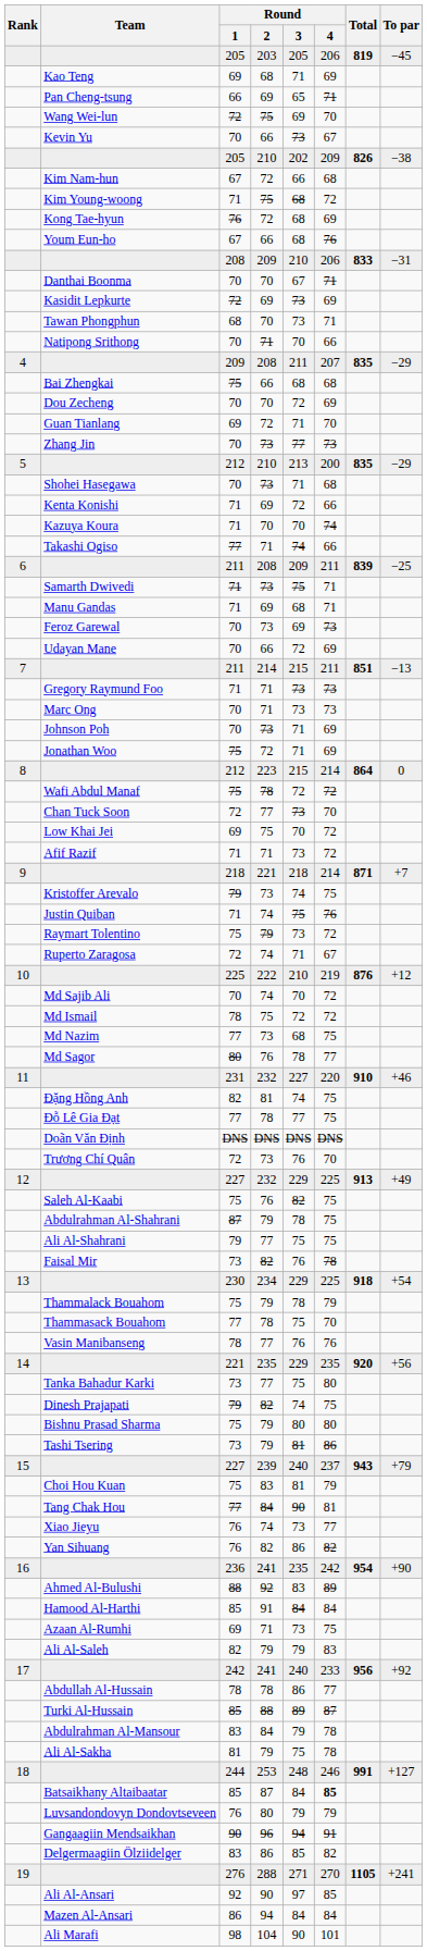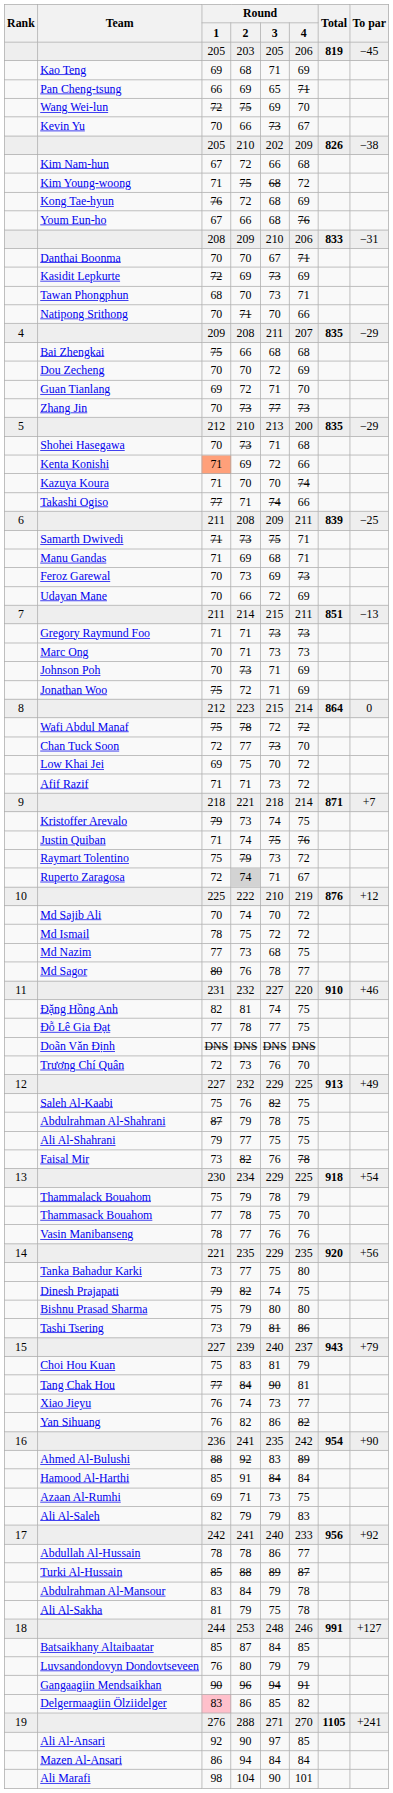 <table class=wikitable style="text-align:center">
 <tr>
 <th rowspan="2">Rank</th>
 <th rowspan="2">Team</th>
 <th colspan="4">Round</th>
 <th rowspan="2">Total</th>
 <th rowspan="2">To par</th>
 </tr>
 <tr>
 <th>1</th>
 <th>2</th>
 <th>3</th>
 <th>4</th>
 </tr>
 <tr style="background:#eeeeee;">
 <td></td>
 <td align=left></td>
 <td>205</td>
 <td>203</td>
 <td>205</td>
 <td>206</td>
 <td><strong>819</strong></td>
 <td>−45</td>
 </tr>
 <tr>
 <td></td>
 <td align=left><a href='#'>Kao Teng</a></td>
 <td>69</td>
 <td>68</td>
 <td>71</td>
 <td>69</td>
 <td></td>
 <td></td>
 </tr>
 <tr>
 <td></td>
 <td align=left><a href='#'>Pan Cheng-tsung</a></td>
 <td>66</td>
 <td>69</td>
 <td>65</td>
 <td><s>71</s></td>
 <td></td>
 <td></td>
 </tr>
 <tr>
 <td></td>
 <td align=left><a href='#'>Wang Wei-lun</a></td>
 <td><s>72</s></td>
 <td><s>75</s></td>
 <td>69</td>
 <td>70</td>
 <td></td>
 <td></td>
 </tr>
 <tr>
 <td></td>
 <td align=left><a href='#'>Kevin Yu</a></td>
 <td>70</td>
 <td>66</td>
 <td><s>73</s></td>
 <td>67</td>
 <td></td>
 <td></td>
 </tr>
 <tr style="background:#eeeeee;">
 <td></td>
 <td align=left></td>
 <td>205</td>
 <td>210</td>
 <td>202</td>
 <td>209</td>
 <td><strong>826</strong></td>
 <td>−38</td>
 </tr>
 <tr>
 <td></td>
 <td align=left><a href='#'>Kim Nam-hun</a></td>
 <td>67</td>
 <td>72</td>
 <td>66</td>
 <td>68</td>
 <td></td>
 <td></td>
 </tr>
 <tr>
 <td></td>
 <td align=left><a href='#'>Kim Young-woong</a></td>
 <td>71</td>
 <td><s>75</s></td>
 <td><s>68</s></td>
 <td>72</td>
 <td></td>
 <td></td>
 </tr>
 <tr>
 <td></td>
 <td align=left><a href='#'>Kong Tae-hyun</a></td>
 <td><s>76</s></td>
 <td>72</td>
 <td>68</td>
 <td>69</td>
 <td></td>
 <td></td>
 </tr>
 <tr>
 <td></td>
 <td align=left><a href='#'>Youm Eun-ho</a></td>
 <td>67</td>
 <td>66</td>
 <td>68</td>
 <td><s>76</s></td>
 <td></td>
 <td></td>
 </tr>
 <tr style="background:#eeeeee;">
 <td></td>
 <td align=left></td>
 <td>208</td>
 <td>209</td>
 <td>210</td>
 <td>206</td>
 <td><strong>833</strong></td>
 <td>−31</td>
 </tr>
 <tr>
 <td></td>
 <td align=left><a href='#'>Danthai Boonma</a></td>
 <td>70</td>
 <td>70</td>
 <td>67</td>
 <td><s>71</s></td>
 <td></td>
 <td></td>
 </tr>
 <tr>
 <td></td>
 <td align=left><a href='#'>Kasidit Lepkurte</a></td>
 <td><s>72</s></td>
 <td>69</td>
 <td><s>73</s></td>
 <td>69</td>
 <td></td>
 <td></td>
 </tr>
 <tr>
 <td></td>
 <td align=left><a href='#'>Tawan Phongphun</a></td>
 <td>68</td>
 <td>70</td>
 <td>73</td>
 <td>71</td>
 <td></td>
 <td></td>
 </tr>
 <tr>
 <td></td>
 <td align=left><a href='#'>Natipong Srithong</a></td>
 <td>70</td>
 <td><s>71</s></td>
 <td>70</td>
 <td>66</td>
 <td></td>
 <td></td>
 </tr>
 <tr style="background:#eeeeee;">
 <td>4</td>
 <td align=left></td>
 <td>209</td>
 <td>208</td>
 <td>211</td>
 <td>207</td>
 <td><strong>835</strong></td>
 <td>−29</td>
 </tr>
 <tr>
 <td></td>
 <td align=left><a href='#'>Bai Zhengkai</a></td>
 <td><s>75</s></td>
 <td>66</td>
 <td>68</td>
 <td>68</td>
 <td></td>
 <td></td>
 </tr>
 <tr>
 <td></td>
 <td align=left><a href='#'>Dou Zecheng</a></td>
 <td>70</td>
 <td>70</td>
 <td>72</td>
 <td>69</td>
 <td></td>
 <td></td>
 </tr>
 <tr>
 <td></td>
 <td align=left><a href='#'>Guan Tianlang</a></td>
 <td>69</td>
 <td>72</td>
 <td>71</td>
 <td>70</td>
 <td></td>
 <td></td>
 </tr>
 <tr>
 <td></td>
 <td align=left><a href='#'>Zhang Jin</a></td>
 <td>70</td>
 <td><s>73</s></td>
 <td><s>77</s></td>
 <td><s>73</s></td>
 <td></td>
 <td></td>
 </tr>
 <tr style="background:#eeeeee;">
 <td>5</td>
 <td align=left></td>
 <td>212</td>
 <td>210</td>
 <td>213</td>
 <td>200</td>
 <td><strong>835</strong></td>
 <td>−29</td>
 </tr>
 <tr>
 <td></td>
 <td align=left><a href='#'>Shohei Hasegawa</a></td>
 <td>70</td>
 <td><s>73</s></td>
 <td>71</td>
 <td>68</td>
 <td></td>
 <td></td>
 </tr>
 <tr>
 <td></td>
 <td align=left><a href='#'>Kenta Konishi</a></td>
-<td>71</td>
+<td style="background: lightsalmon;">71</td>
 <td>69</td>
 <td>72</td>
 <td>66</td>
 <td></td>
 <td></td>
 </tr>
 <tr>
 <td></td>
 <td align=left><a href='#'>Kazuya Koura</a></td>
 <td>71</td>
 <td>70</td>
 <td>70</td>
 <td><s>74</s></td>
 <td></td>
 <td></td>
 </tr>
 <tr>
 <td></td>
 <td align=left><a href='#'>Takashi Ogiso</a></td>
 <td><s>77</s></td>
 <td>71</td>
 <td><s>74</s></td>
 <td>66</td>
 <td></td>
 <td></td>
 </tr>
 <tr style="background:#eeeeee;">
 <td>6</td>
 <td align=left></td>
 <td>211</td>
 <td>208</td>
 <td>209</td>
 <td>211</td>
 <td><strong>839</strong></td>
 <td>−25</td>
 </tr>
 <tr>
 <td></td>
 <td align=left><a href='#'>Samarth Dwivedi</a></td>
 <td><s>71</s></td>
 <td><s>73</s></td>
 <td><s>75</s></td>
 <td>71</td>
 <td></td>
 <td></td>
 </tr>
 <tr>
 <td></td>
 <td align=left><a href='#'>Manu Gandas</a></td>
 <td>71</td>
 <td>69</td>
 <td>68</td>
 <td>71</td>
 <td></td>
 <td></td>
 </tr>
 <tr>
 <td></td>
 <td align=left><a href='#'>Feroz Garewal</a></td>
 <td>70</td>
 <td>73</td>
 <td>69</td>
 <td><s>73</s></td>
 <td></td>
 <td></td>
 </tr>
 <tr>
 <td></td>
 <td align=left><a href='#'>Udayan Mane</a></td>
 <td>70</td>
 <td>66</td>
 <td>72</td>
 <td>69</td>
 <td></td>
 <td></td>
 </tr>
 <tr style="background:#eeeeee;">
 <td>7</td>
 <td align=left></td>
 <td>211</td>
 <td>214</td>
 <td>215</td>
 <td>211</td>
 <td><strong>851</strong></td>
 <td>−13</td>
 </tr>
 <tr>
 <td></td>
 <td align=left><a href='#'>Gregory Raymund Foo</a></td>
 <td>71</td>
 <td>71</td>
 <td><s>73</s></td>
 <td><s>73</s></td>
 <td></td>
 <td></td>
 </tr>
 <tr>
 <td></td>
 <td align=left><a href='#'>Marc Ong</a></td>
 <td>70</td>
 <td>71</td>
 <td>73</td>
 <td>73</td>
 <td></td>
 <td></td>
 </tr>
 <tr>
 <td></td>
 <td align=left><a href='#'>Johnson Poh</a></td>
 <td>70</td>
 <td><s>73</s></td>
 <td>71</td>
 <td>69</td>
 <td></td>
 <td></td>
 </tr>
 <tr>
 <td></td>
 <td align=left><a href='#'>Jonathan Woo</a></td>
 <td><s>75</s></td>
 <td>72</td>
 <td>71</td>
 <td>69</td>
 <td></td>
 <td></td>
 </tr>
 <tr style="background:#eeeeee;">
 <td>8</td>
 <td align=left></td>
 <td>212</td>
 <td>223</td>
 <td>215</td>
 <td>214</td>
 <td><strong>864</strong></td>
 <td>0</td>
 </tr>
 <tr>
 <td></td>
 <td align=left><a href='#'>Wafi Abdul Manaf</a></td>
 <td><s>75</s></td>
 <td><s>78</s></td>
 <td>72</td>
 <td><s>72</s></td>
 <td></td>
 <td></td>
 </tr>
 <tr>
 <td></td>
 <td align=left><a href='#'>Chan Tuck Soon</a></td>
 <td>72</td>
 <td>77</td>
 <td><s>73</s></td>
 <td>70</td>
 <td></td>
 <td></td>
 </tr>
 <tr>
 <td></td>
 <td align=left><a href='#'>Low Khai Jei</a></td>
 <td>69</td>
 <td>75</td>
 <td>70</td>
 <td>72</td>
 <td></td>
 <td></td>
 </tr>
 <tr>
 <td></td>
 <td align=left><a href='#'>Afif Razif</a></td>
 <td>71</td>
 <td>71</td>
 <td>73</td>
 <td>72</td>
 <td></td>
 <td></td>
 </tr>
 <tr style="background:#eeeeee;">
 <td>9</td>
 <td align=left></td>
 <td>218</td>
 <td>221</td>
 <td>218</td>
 <td>214</td>
 <td><strong>871</strong></td>
 <td>+7</td>
 </tr>
 <tr>
 <td></td>
 <td align=left><a href='#'>Kristoffer Arevalo</a></td>
 <td><s>79</s></td>
 <td>73</td>
 <td>74</td>
 <td>75</td>
 <td></td>
 <td></td>
 </tr>
 <tr>
 <td></td>
 <td align=left><a href='#'>Justin Quiban</a></td>
 <td>71</td>
 <td>74</td>
 <td><s>75</s></td>
 <td><s>76</s></td>
 <td></td>
 <td></td>
 </tr>
 <tr>
 <td></td>
 <td align=left><a href='#'>Raymart Tolentino</a></td>
 <td>75</td>
 <td><s>79</s></td>
 <td>73</td>
 <td>72</td>
 <td></td>
 <td></td>
 </tr>
 <tr>
 <td></td>
 <td align=left><a href='#'>Ruperto Zaragosa</a></td>
 <td>72</td>
-<td>74</td>
+<td style="background: lightgrey;">74</td>
 <td>71</td>
 <td>67</td>
 <td></td>
 <td></td>
 </tr>
 <tr style="background:#eeeeee;">
 <td>10</td>
 <td align=left></td>
 <td>225</td>
 <td>222</td>
 <td>210</td>
 <td>219</td>
 <td><strong>876</strong></td>
 <td>+12</td>
 </tr>
 <tr>
 <td></td>
 <td align=left><a href='#'>Md Sajib Ali</a></td>
 <td>70</td>
 <td>74</td>
 <td>70</td>
 <td>72</td>
 <td></td>
 <td></td>
 </tr>
 <tr>
 <td></td>
 <td align=left><a href='#'>Md Ismail</a></td>
 <td>78</td>
 <td>75</td>
 <td>72</td>
 <td>72</td>
 <td></td>
 <td></td>
 </tr>
 <tr>
 <td></td>
 <td align=left><a href='#'>Md Nazim</a></td>
 <td>77</td>
 <td>73</td>
 <td>68</td>
 <td>75</td>
 <td></td>
 <td></td>
 </tr>
 <tr>
 <td></td>
 <td align=left><a href='#'>Md Sagor</a></td>
 <td><s>80</s></td>
 <td>76</td>
 <td>78</td>
 <td>77</td>
 <td></td>
 <td></td>
 </tr>
 <tr style="background:#eeeeee;">
 <td>11</td>
 <td align=left></td>
 <td>231</td>
 <td>232</td>
 <td>227</td>
 <td>220</td>
 <td><strong>910</strong></td>
 <td>+46</td>
 </tr>
 <tr>
 <td></td>
 <td align=left><a href='#'>Đặng Hồng Anh</a></td>
 <td>82</td>
 <td>81</td>
 <td>74</td>
 <td>75</td>
 <td></td>
 <td></td>
 </tr>
 <tr>
 <td></td>
 <td align=left><a href='#'>Đỗ Lê Gia Đạt</a></td>
 <td>77</td>
 <td>78</td>
 <td>77</td>
 <td>75</td>
 <td></td>
 <td></td>
 </tr>
 <tr>
 <td></td>
 <td align=left><a href='#'>Doãn Văn Định</a></td>
 <td><s>DNS</s></td>
 <td><s>DNS</s></td>
 <td><s>DNS</s></td>
 <td><s>DNS</s></td>
 <td></td>
 <td></td>
 </tr>
 <tr>
 <td></td>
 <td align=left><a href='#'>Trương Chí Quân</a></td>
 <td>72</td>
 <td>73</td>
 <td>76</td>
 <td>70</td>
 <td></td>
 <td></td>
 </tr>
 <tr style="background:#eeeeee;">
 <td>12</td>
 <td align=left></td>
 <td>227</td>
 <td>232</td>
 <td>229</td>
 <td>225</td>
 <td><strong>913</strong></td>
 <td>+49</td>
 </tr>
 <tr>
 <td></td>
 <td align=left><a href='#'>Saleh Al-Kaabi</a></td>
 <td>75</td>
 <td>76</td>
 <td><s>82</s></td>
 <td>75</td>
 <td></td>
 <td></td>
 </tr>
 <tr>
 <td></td>
 <td align=left><a href='#'>Abdulrahman Al-Shahrani</a></td>
 <td><s>87</s></td>
 <td>79</td>
 <td>78</td>
 <td>75</td>
 <td></td>
 <td></td>
 </tr>
 <tr>
 <td></td>
 <td align=left><a href='#'>Ali Al-Shahrani</a></td>
 <td>79</td>
 <td>77</td>
 <td>75</td>
 <td>75</td>
 <td></td>
 <td></td>
 </tr>
 <tr>
 <td></td>
 <td align=left><a href='#'>Faisal Mir</a></td>
 <td>73</td>
 <td><s>82</s></td>
 <td>76</td>
 <td><s>78</s></td>
 <td></td>
 <td></td>
 </tr>
 <tr style="background:#eeeeee;">
 <td>13</td>
 <td align=left></td>
 <td>230</td>
 <td>234</td>
 <td>229</td>
 <td>225</td>
 <td><strong>918</strong></td>
 <td>+54</td>
 </tr>
 <tr>
 <td></td>
 <td align=left><a href='#'>Thammalack Bouahom</a></td>
 <td>75</td>
 <td>79</td>
 <td>78</td>
 <td>79</td>
 <td></td>
 <td></td>
 </tr>
 <tr>
 <td></td>
 <td align=left><a href='#'>Thammasack Bouahom</a></td>
 <td>77</td>
 <td>78</td>
 <td>75</td>
 <td>70</td>
 <td></td>
 <td></td>
 </tr>
 <tr>
 <td></td>
 <td align=left><a href='#'>Vasin Manibanseng</a></td>
 <td>78</td>
 <td>77</td>
 <td>76</td>
 <td>76</td>
 <td></td>
 <td></td>
 </tr>
 <tr style="background:#eeeeee;">
 <td>14</td>
 <td align=left></td>
 <td>221</td>
 <td>235</td>
 <td>229</td>
 <td>235</td>
 <td><strong>920</strong></td>
 <td>+56</td>
 </tr>
 <tr>
 <td></td>
 <td align=left><a href='#'>Tanka Bahadur Karki</a></td>
 <td>73</td>
 <td>77</td>
 <td>75</td>
 <td>80</td>
 <td></td>
 <td></td>
 </tr>
 <tr>
 <td></td>
 <td align=left><a href='#'>Dinesh Prajapati</a></td>
 <td><s>79</s></td>
 <td><s>82</s></td>
 <td>74</td>
 <td>75</td>
 <td></td>
 <td></td>
 </tr>
 <tr>
 <td></td>
 <td align=left><a href='#'>Bishnu Prasad Sharma</a></td>
 <td>75</td>
 <td>79</td>
 <td>80</td>
 <td>80</td>
 <td></td>
 <td></td>
 </tr>
 <tr>
 <td></td>
 <td align=left><a href='#'>Tashi Tsering</a></td>
 <td>73</td>
 <td>79</td>
 <td><s>81</s></td>
 <td><s>86</s></td>
 <td></td>
 <td></td>
 </tr>
 <tr style="background:#eeeeee;">
 <td>15</td>
 <td align=left></td>
 <td>227</td>
 <td>239</td>
 <td>240</td>
 <td>237</td>
 <td><strong>943</strong></td>
 <td>+79</td>
 </tr>
 <tr>
 <td></td>
 <td align=left><a href='#'>Choi Hou Kuan</a></td>
 <td>75</td>
 <td>83</td>
 <td>81</td>
 <td>79</td>
 <td></td>
 <td></td>
 </tr>
 <tr>
 <td></td>
 <td align=left><a href='#'>Tang Chak Hou</a></td>
 <td><s>77</s></td>
 <td><s>84</s></td>
 <td><s>90</s></td>
 <td>81</td>
 <td></td>
 <td></td>
 </tr>
 <tr>
 <td></td>
 <td align=left><a href='#'>Xiao Jieyu</a></td>
 <td>76</td>
 <td>74</td>
 <td>73</td>
 <td>77</td>
 <td></td>
 <td></td>
 </tr>
 <tr>
 <td></td>
 <td align=left><a href='#'>Yan Sihuang</a></td>
 <td>76</td>
 <td>82</td>
 <td>86</td>
 <td><s>82</s></td>
 <td></td>
 <td></td>
 </tr>
 <tr style="background:#eeeeee;">
 <td>16</td>
 <td align=left></td>
 <td>236</td>
 <td>241</td>
 <td>235</td>
 <td>242</td>
 <td><strong>954</strong></td>
 <td>+90</td>
 </tr>
 <tr>
 <td></td>
 <td align=left><a href='#'>Ahmed Al-Bulushi</a></td>
 <td><s>88</s></td>
 <td><s>92</s></td>
 <td>83</td>
 <td><s>89</s></td>
 <td></td>
 <td></td>
 </tr>
 <tr>
 <td></td>
 <td align=left><a href='#'>Hamood Al-Harthi</a></td>
 <td>85</td>
 <td>91</td>
 <td><s>84</s></td>
 <td>84</td>
 <td></td>
 <td></td>
 </tr>
 <tr>
 <td></td>
 <td align=left><a href='#'>Azaan Al-Rumhi</a></td>
 <td>69</td>
 <td>71</td>
 <td>73</td>
 <td>75</td>
 <td></td>
 <td></td>
 </tr>
 <tr>
 <td></td>
 <td align=left><a href='#'>Ali Al-Saleh</a></td>
 <td>82</td>
 <td>79</td>
 <td>79</td>
 <td>83</td>
 <td></td>
 <td></td>
 </tr>
 <tr style="background:#eeeeee;">
 <td>17</td>
 <td align=left></td>
 <td>242</td>
 <td>241</td>
 <td>240</td>
 <td>233</td>
 <td><strong>956</strong></td>
 <td>+92</td>
 </tr>
 <tr>
 <td></td>
 <td align=left><a href='#'>Abdullah Al-Hussain</a></td>
 <td>78</td>
 <td>78</td>
 <td>86</td>
 <td>77</td>
 <td></td>
 <td></td>
 </tr>
 <tr>
 <td></td>
 <td align=left><a href='#'>Turki Al-Hussain</a></td>
 <td><s>85</s></td>
 <td><s>88</s></td>
 <td><s>89</s></td>
 <td><s>87</s></td>
 <td></td>
 <td></td>
 </tr>
 <tr>
 <td></td>
 <td align=left><a href='#'>Abdulrahman Al-Mansour</a></td>
 <td>83</td>
 <td>84</td>
 <td>79</td>
 <td>78</td>
 <td></td>
 <td></td>
 </tr>
 <tr>
 <td></td>
 <td align=left><a href='#'>Ali Al-Sakha</a></td>
 <td>81</td>
 <td>79</td>
 <td>75</td>
 <td>78</td>
 <td></td>
 <td></td>
 </tr>
 <tr style="background:#eeeeee;">
 <td>18</td>
 <td align=left></td>
 <td>244</td>
 <td>253</td>
 <td>248</td>
 <td>246</td>
 <td><strong>991</strong></td>
 <td>+127</td>
 </tr>
 <tr>
 <td></td>
 <td align=left><a href='#'>Batsaikhany Altaibaatar</a></td>
 <td>85</td>
 <td>87</td>
 <td>84</td>
-<td><strong>85</strong></td>
+<td>85</td>
 <td></td>
 <td></td>
 </tr>
 <tr>
 <td></td>
 <td align=left><a href='#'>Luvsandondovyn Dondovtseveen</a></td>
 <td>76</td>
 <td>80</td>
 <td>79</td>
 <td>79</td>
 <td></td>
 <td></td>
 </tr>
 <tr>
 <td></td>
 <td align=left><a href='#'>Gangaagiin Mendsaikhan</a></td>
 <td><s>90</s></td>
 <td><s>96</s></td>
 <td><s>94</s></td>
 <td><s>91</s></td>
 <td></td>
 <td></td>
 </tr>
 <tr>
 <td></td>
 <td align=left><a href='#'>Delgermaagiin Ölziidelger</a></td>
-<td>83</td>
+<td style="background: pink;">83</td>
 <td>86</td>
 <td>85</td>
 <td>82</td>
 <td></td>
 <td></td>
 </tr>
 <tr style="background:#eeeeee;">
 <td>19</td>
 <td align=left></td>
 <td>276</td>
 <td>288</td>
 <td>271</td>
 <td>270</td>
 <td><strong>1105</strong></td>
 <td>+241</td>
 </tr>
 <tr>
 <td></td>
 <td align=left><a href='#'>Ali Al-Ansari</a></td>
 <td>92</td>
 <td>90</td>
 <td>97</td>
 <td>85</td>
 <td></td>
 <td></td>
 </tr>
 <tr>
 <td></td>
 <td align=left><a href='#'>Mazen Al-Ansari</a></td>
 <td>86</td>
 <td>94</td>
 <td>84</td>
 <td>84</td>
 <td></td>
 <td></td>
 </tr>
 <tr>
 <td></td>
 <td align=left><a href='#'>Ali Marafi</a></td>
 <td>98</td>
 <td>104</td>
 <td>90</td>
 <td>101</td>
 <td></td>
 <td></td>
 </tr>
 </table>
